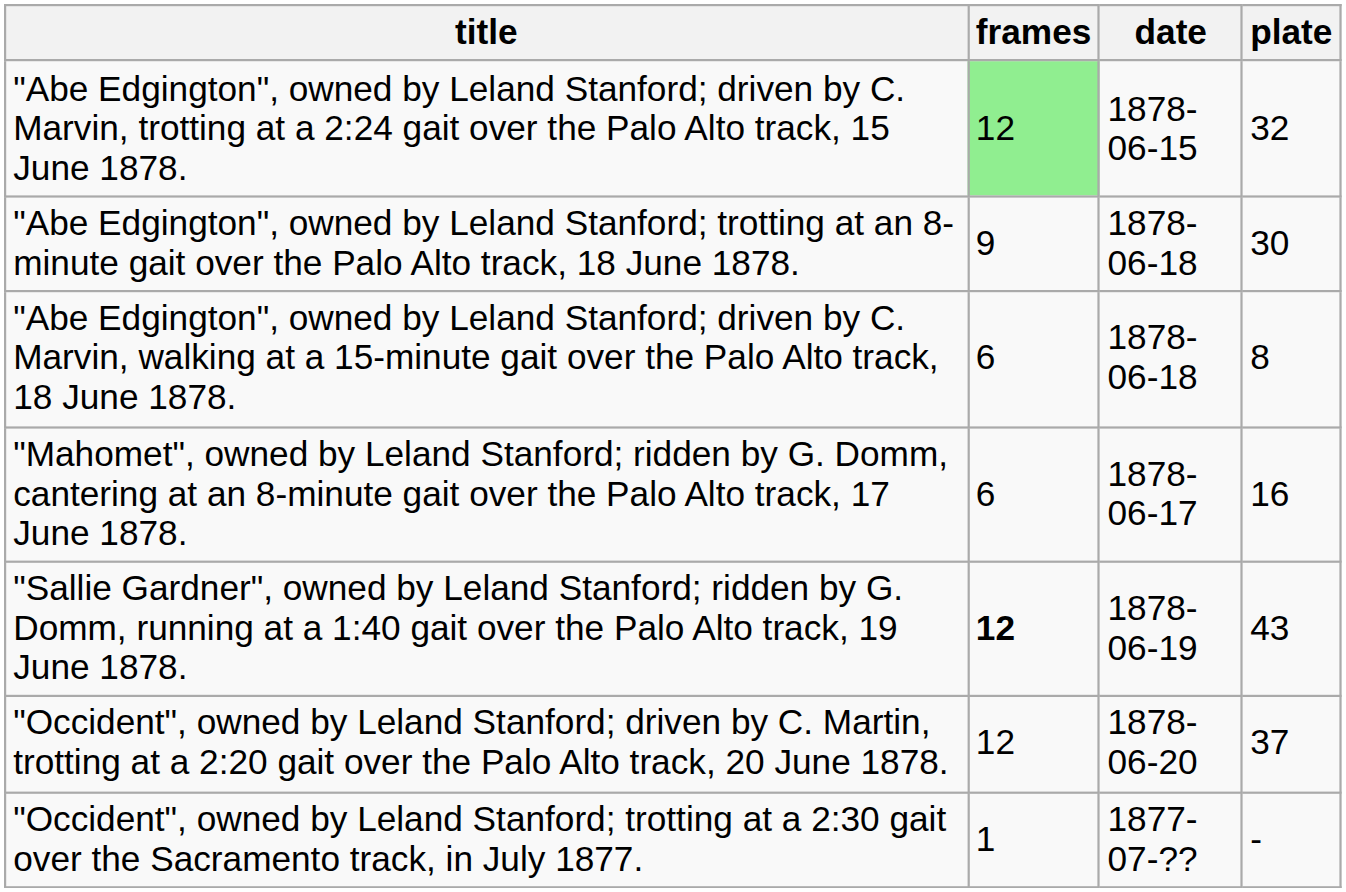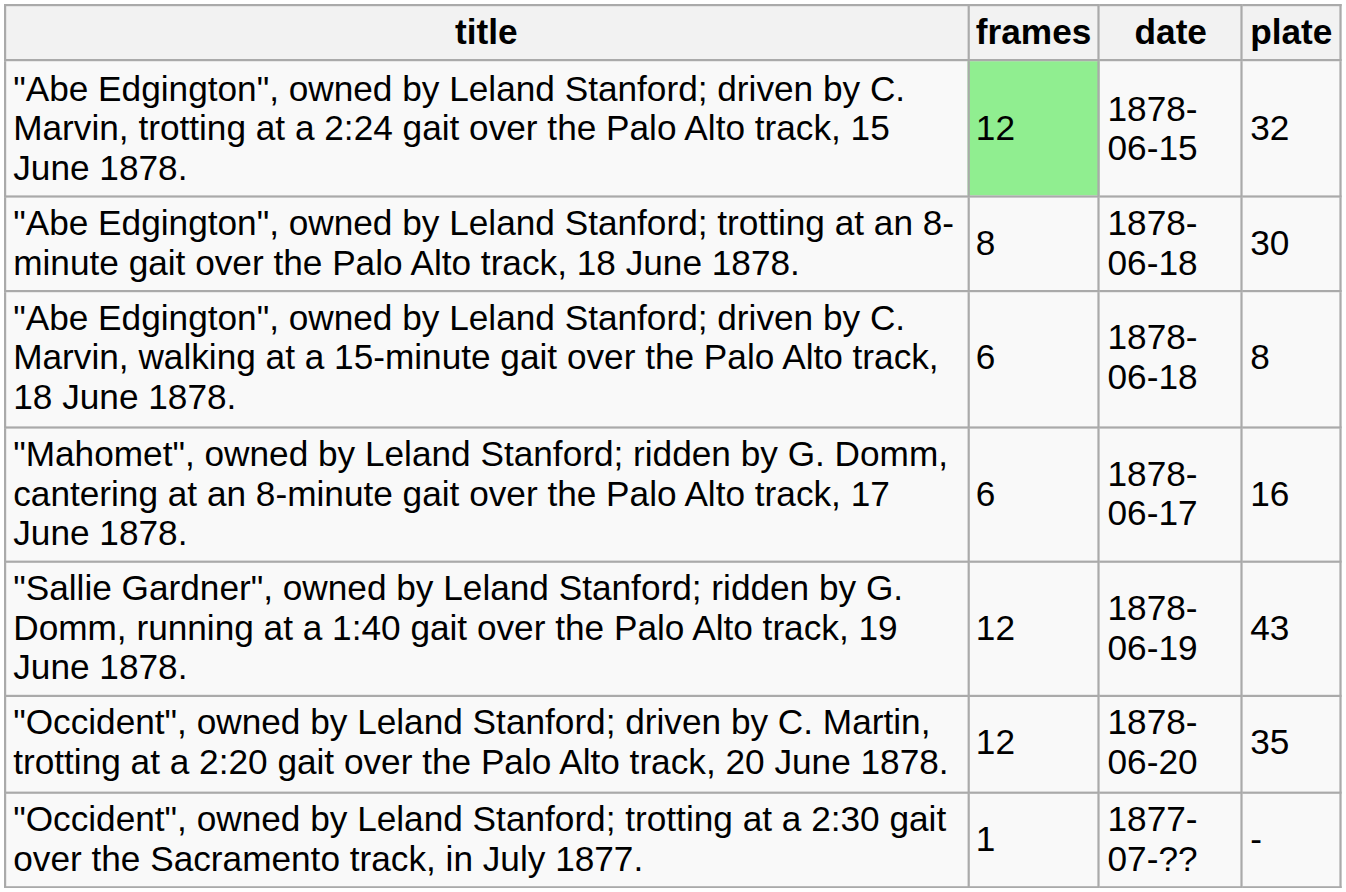 <table class="wikitable sortable">
 <tr>
 <th>title</th>
 <th>frames</th>
 <th>date</th>
 <th>plate</th>
 </tr>
 <tr>
 <td>"Abe Edgington", owned by Leland Stanford; driven by C. Marvin, trotting at a 2:24 gait over the Palo Alto track, 15 June 1878.</td>
 <td style="background: lightgreen;">12</td>
 <td>1878-06-15</td>
 <td>32</td>
 </tr>
 <tr>
 <td>"Abe Edgington", owned by Leland Stanford; trotting at an 8-minute gait over the Palo Alto track, 18 June 1878.</td>
-<td>9</td>
+<td>8</td>
 <td>1878-06-18</td>
 <td>30</td>
 </tr>
 <tr>
 <td>"Abe Edgington", owned by Leland Stanford; driven by C. Marvin, walking at a 15-minute gait over the Palo Alto track, 18 June 1878.</td>
 <td>6</td>
 <td>1878-06-18</td>
 <td>8</td>
 </tr>
 <tr>
 <td>"Mahomet", owned by Leland Stanford; ridden by G. Domm, cantering at an 8-minute gait over the Palo Alto track, 17 June 1878.</td>
 <td>6</td>
 <td>1878-06-17</td>
 <td>16</td>
 </tr>
 <tr>
 <td>"Sallie Gardner", owned by Leland Stanford; ridden by G. Domm, running at a 1:40 gait over the Palo Alto track, 19 June 1878.</td>
-<td><strong>12</strong></td>
+<td>12</td>
 <td>1878-06-19</td>
 <td>43</td>
 </tr>
 <tr>
 <td>"Occident", owned by Leland Stanford; driven by C. Martin, trotting at a 2:20 gait over the Palo Alto track, 20 June 1878.</td>
 <td>12</td>
 <td>1878-06-20</td>
-<td>37</td>
+<td>35</td>
 </tr>
 <tr>
 <td>"Occident", owned by Leland Stanford; trotting at a 2:30 gait over the Sacramento track, in July 1877.</td>
 <td>1</td>
 <td>1877-07-??</td>
 <td>-</td>
 </tr>
 </table>
